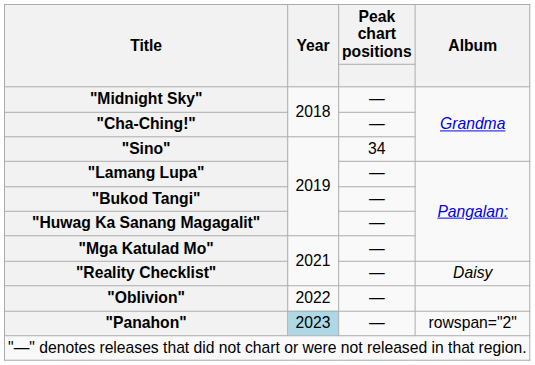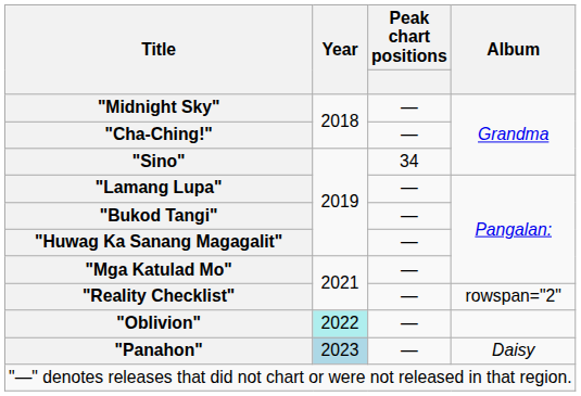 <table class="wikitable plainrowheaders" style="text-align:center">
 <tr>
 <th scope="col" rowspan="2">Title</th>
 <th scope="col" rowspan="2">Year</th>
 <th scope="col" colspan="1">Peak chart positions</th>
 <th scope="col" rowspan="2">Album</th>
 </tr>
 <tr>
 <th scope="col" style="font-size:90%; width:2.75em"><a href='#'></a><br></th>
 </tr>
 <tr>
 <th scope="row">"Midnight Sky"</th>
 <td rowspan="2">2018</td>
 <td>—</td>
 <td rowspan="3"><em><a href='#'>Grandma</a></em></td>
 </tr>
 <tr>
 <th scope="row">"Cha-Ching!"</th>
 <td>—</td>
 </tr>
 <tr>
 <th scope="row">"Sino"</th>
 <td rowspan="4">2019</td>
 <td>34</td>
 </tr>
 <tr>
 <th scope="row">"Lamang Lupa"</th>
 <td>—</td>
 <td rowspan="4"><em><a href='#'>Pangalan:</a></em></td>
 </tr>
 <tr>
 <th scope="row">"Bukod Tangi"</th>
 <td>—</td>
 </tr>
 <tr>
 <th scope="row">"Huwag Ka Sanang Magagalit"</th>
 <td>—</td>
 </tr>
 <tr>
 <th scope="row">"Mga Katulad Mo"</th>
 <td rowspan="2">2021</td>
 <td>—</td>
 </tr>
 <tr>
 <th scope="row">"Reality Checklist"</th>
 <td>—</td>
-<td><em>Daisy</em></td>
+<td>rowspan="2" </td>
 </tr>
 <tr>
 <th scope="row">"Oblivion"</th>
-<td>2022</td>
+<td style="background: paleturquoise;">2022</td>
 <td>—</td>
 </tr>
 <tr>
 <th scope="row">"Panahon"</th>
 <td style="background: lightblue;">2023</td>
 <td>—</td>
-<td>rowspan="2" </td>
+<td><em>Daisy</em></td>
 </tr>
 <tr>
 <td colspan="5">"—" denotes releases that did not chart or were not released in that region.</td>
 </tr>
 </table>
